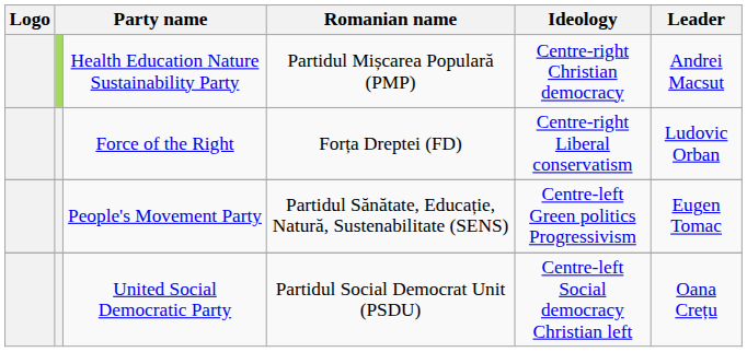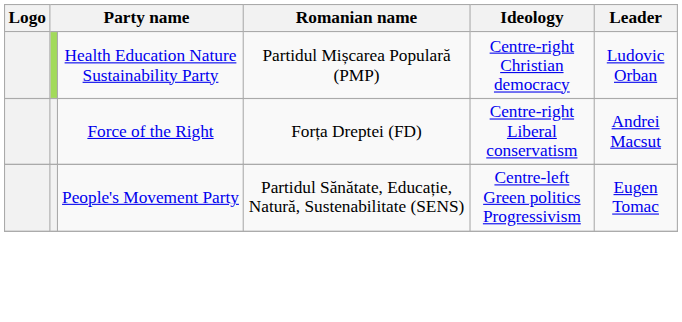 <table class="wikitable" width=100%>
 <tr style="text-align:center;">
 <th>Logo</th>
 <th colspan=2>Party name</th>
 <th rowspan=1>Romanian name</th>
 <th rowspan=1>Ideology</th>
 <th rowspan=1>Leader</th>
 </tr>
 <tr style="text-align:center;">
 <th></th>
 <th style="background-color: #a2da5a"></th>
 <td><a href='#'>Health Education Nature Sustainability Party</a></td>
 <td>Partidul Mișcarea Populară (PMP)</td>
 <td><a href='#'>Centre-right</a><br><a href='#'>Christian democracy</a></td>
-<td><a href='#'>Andrei Macsut</a></td>
+<td><a href='#'>Ludovic Orban</a></td>
 </tr>
 <tr style="text-align:center;">
 </tr>
 <tr>
 </tr>
 <tr style="text-align:center;">
 <th></th>
 <th style="background-color: "></th>
 <td><a href='#'>Force of the Right</a></td>
 <td>Forța Dreptei (FD)</td>
 <td><a href='#'>Centre-right</a><br><a href='#'>Liberal conservatism</a></td>
-<td><a href='#'>Ludovic Orban</a></td>
+<td><a href='#'>Andrei Macsut</a></td>
 </tr>
 <tr style="text-align:center;">
 </tr>
 <tr>
 </tr>
 <tr style="text-align:center;">
 <th></th>
 <th style="background-color: "></th>
 <td><a href='#'>People's Movement Party</a></td>
 <td>Partidul Sănătate, Educație, Natură, Sustenabilitate (SENS)</td>
 <td><a href='#'>Centre-left</a><br><a href='#'>Green politics</a><br><a href='#'>Progressivism</a></td>
 <td><a href='#'>Eugen Tomac</a></td>
 </tr>
 <tr style="text-align:center;">
 </tr>
 <tr>
 </tr>
-<tr style="text-align:center;">
-<th></th>
-<th style="background-color: "></th>
-<td><a href='#'>United Social Democratic Party</a></td>
-<td>Partidul Social Democrat Unit (PSDU)</td>
-<td><a href='#'>Centre-left</a><br><a href='#'>Social democracy</a><br><a href='#'>Christian left</a></td>
-<td><a href='#'>Oana Crețu</a></td>
-</tr>
 </table>
